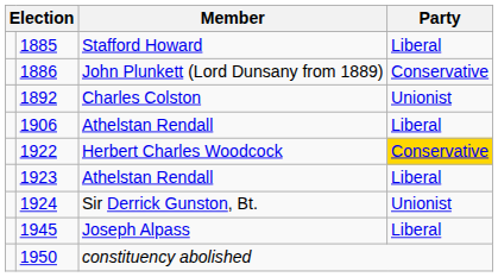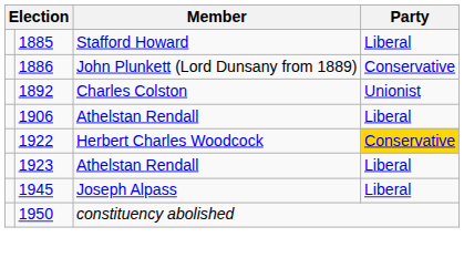 <table class="wikitable">
 <tr>
 <th colspan="2">Election</th>
 <th>Member </th>
 <th>Party</th>
 </tr>
 <tr>
 <td style="color:inherit;background-color: "></td>
 <td><a href='#'>1885</a></td>
 <td><a href='#'>Stafford Howard</a></td>
 <td><a href='#'>Liberal</a></td>
 </tr>
 <tr>
 <td style="color:inherit;background-color: "></td>
 <td><a href='#'>1886</a></td>
 <td><a href='#'>John Plunkett</a> (Lord Dunsany from 1889)</td>
 <td><a href='#'>Conservative</a></td>
 </tr>
 <tr>
 <td style="color:inherit;background-color: "></td>
 <td><a href='#'>1892</a></td>
 <td><a href='#'>Charles Colston</a></td>
 <td><a href='#'>Unionist</a></td>
 </tr>
 <tr>
 <td style="color:inherit;background-color: "></td>
 <td><a href='#'>1906</a></td>
 <td><a href='#'>Athelstan Rendall</a></td>
 <td><a href='#'>Liberal</a></td>
 </tr>
 <tr>
 <td style="color:inherit;background-color: "></td>
 <td><a href='#'>1922</a></td>
 <td><a href='#'>Herbert Charles Woodcock</a></td>
 <td style="background: gold;"><a href='#'>Conservative</a></td>
 </tr>
 <tr>
 <td style="color:inherit;background-color: "></td>
 <td><a href='#'>1923</a></td>
 <td><a href='#'>Athelstan Rendall</a></td>
 <td><a href='#'>Liberal</a></td>
 </tr>
 <tr>
 <td style="color:inherit;background-color: "></td>
-<td><a href='#'>1924</a></td>
-<td>Sir <a href='#'>Derrick Gunston</a>, Bt.</td>
-<td><a href='#'>Unionist</a></td>
-</tr>
-<tr>
-<td style="color:inherit;background-color: "></td>
 <td><a href='#'>1945</a></td>
 <td><a href='#'>Joseph Alpass</a></td>
 <td><a href='#'>Liberal</a></td>
 </tr>
 <tr>
 <td></td>
 <td><a href='#'>1950</a></td>
 <td colspan="2"><em>constituency abolished</em></td>
 </tr>
 </table>
